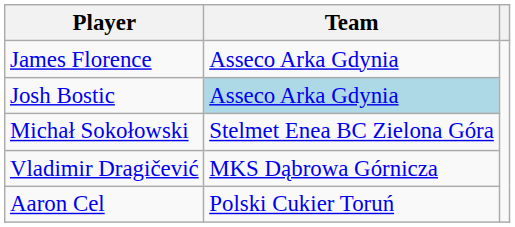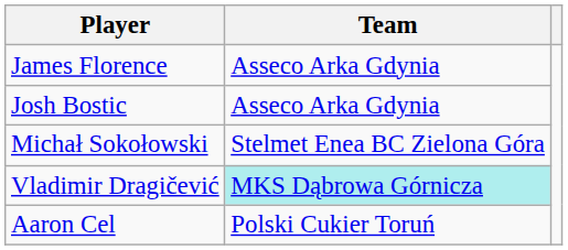 <table class="wikitable">
 <tr>
 <th>Player</th>
 <th>Team</th>
 <th></th>
 </tr>
 <tr>
 <td> <a href='#'>James Florence</a></td>
 <td><a href='#'>Asseco Arka Gdynia</a></td>
 <td rowspan=5></td>
 </tr>
 <tr>
 <td> <a href='#'>Josh Bostic</a></td>
-<td style="background: lightblue;"><a href='#'>Asseco Arka Gdynia</a></td>
+<td><a href='#'>Asseco Arka Gdynia</a></td>
 </tr>
 <tr>
 <td> <a href='#'>Michał Sokołowski</a></td>
 <td><a href='#'>Stelmet Enea BC Zielona Góra</a></td>
 </tr>
 <tr>
 <td> <a href='#'>Vladimir Dragičević</a></td>
-<td><a href='#'>MKS Dąbrowa Górnicza</a></td>
+<td style="background: paleturquoise;"><a href='#'>MKS Dąbrowa Górnicza</a></td>
 </tr>
 <tr>
 <td> <a href='#'>Aaron Cel</a></td>
 <td><a href='#'>Polski Cukier Toruń</a></td>
 </tr>
 </table>
